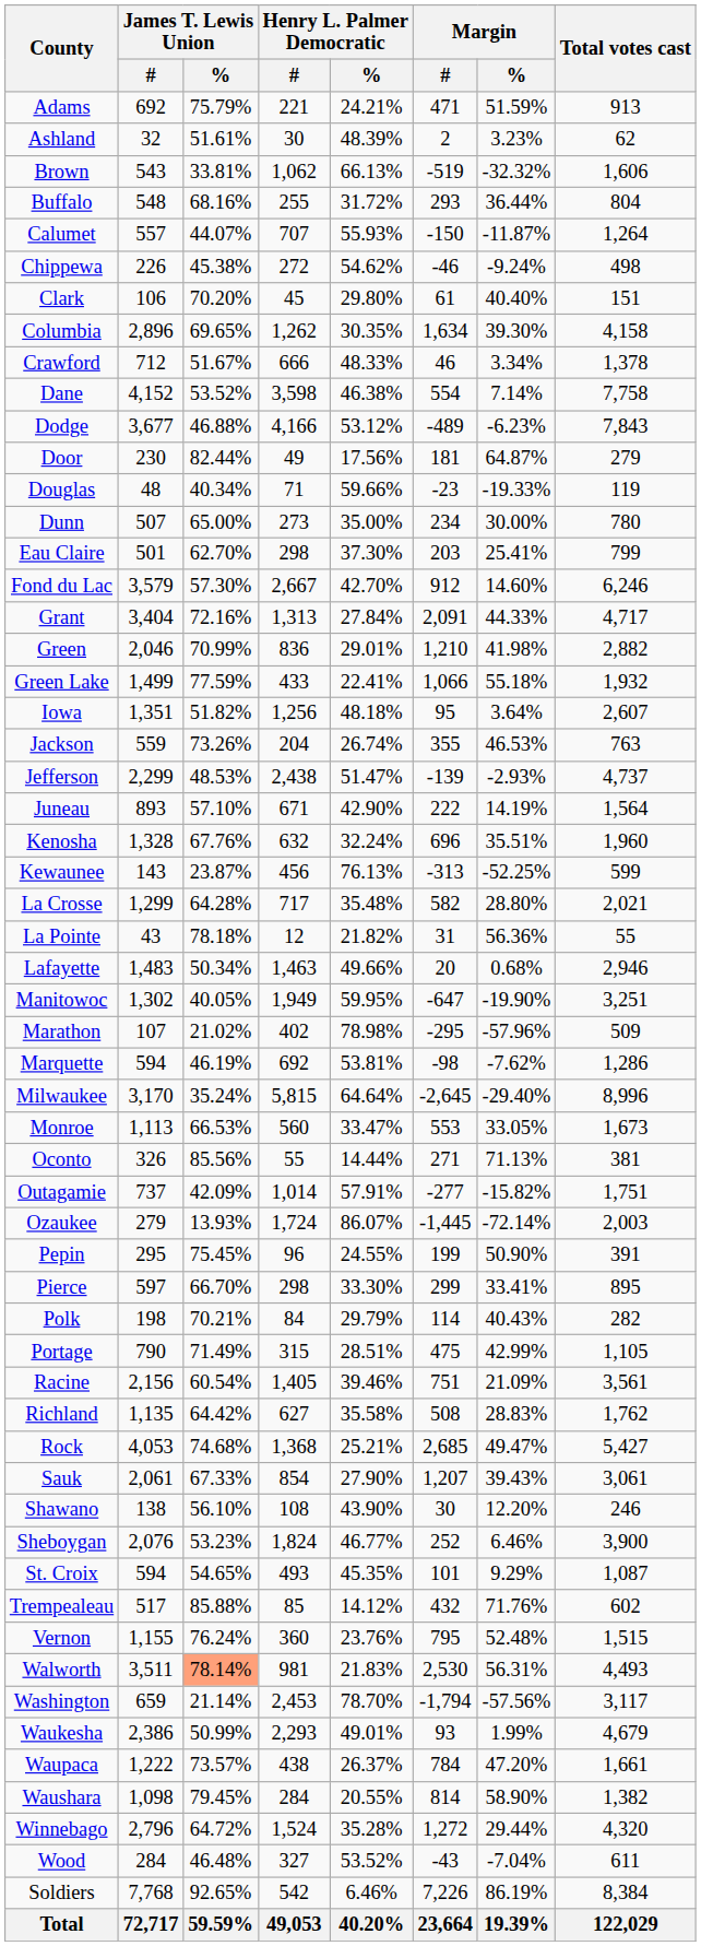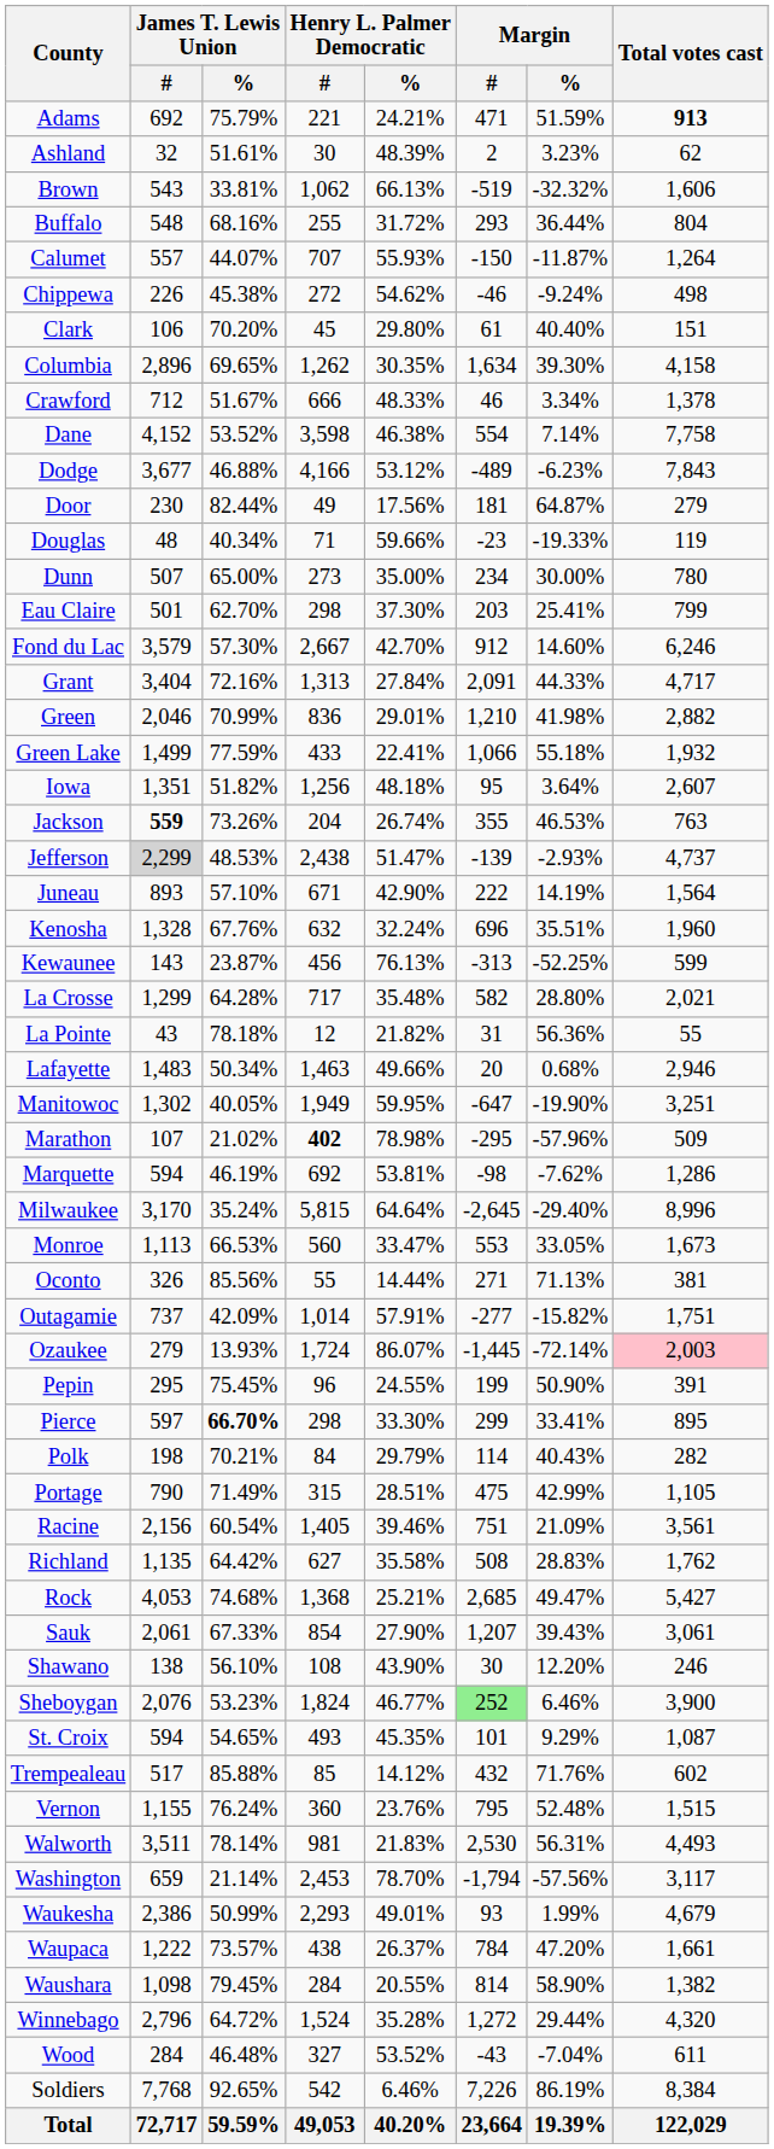 <table class="wikitable sortable" style="text-align:center">
 <tr>
 <th rowspan="2" style="text-align:center;">County</th>
 <th colspan="2" style="text-align:center;">James T. Lewis<br>Union</th>
 <th colspan="2" style="text-align:center;">Henry L. Palmer<br>Democratic</th>
 <th colspan="2" style="text-align:center;">Margin</th>
 <th rowspan="2" style="text-align:center;">Total votes cast</th>
 </tr>
 <tr>
 <th style="text-align:center;" data-sort-type="number">#</th>
 <th style="text-align:center;" data-sort-type="number">%</th>
 <th style="text-align:center;" data-sort-type="number">#</th>
 <th style="text-align:center;" data-sort-type="number">%</th>
 <th style="text-align:center;" data-sort-type="number">#</th>
 <th style="text-align:center;" data-sort-type="number">%</th>
 </tr>
 <tr style="text-align:center;">
 <td><a href='#'>Adams</a></td>
 <td>692</td>
 <td>75.79%</td>
 <td>221</td>
 <td>24.21%</td>
 <td>471</td>
 <td>51.59%</td>
-<td>913</td>
+<td><strong>913</strong></td>
 </tr>
 <tr style="text-align:center;">
 <td><a href='#'>Ashland</a></td>
 <td>32</td>
 <td>51.61%</td>
 <td>30</td>
 <td>48.39%</td>
 <td>2</td>
 <td>3.23%</td>
 <td>62</td>
 </tr>
 <tr style="text-align:center;">
 <td><a href='#'>Brown</a></td>
 <td>543</td>
 <td>33.81%</td>
 <td>1,062</td>
 <td>66.13%</td>
 <td>-519</td>
 <td>-32.32%</td>
 <td>1,606</td>
 </tr>
 <tr style="text-align:center;">
 <td><a href='#'>Buffalo</a></td>
 <td>548</td>
 <td>68.16%</td>
 <td>255</td>
 <td>31.72%</td>
 <td>293</td>
 <td>36.44%</td>
 <td>804</td>
 </tr>
 <tr style="text-align:center;">
 <td><a href='#'>Calumet</a></td>
 <td>557</td>
 <td>44.07%</td>
 <td>707</td>
 <td>55.93%</td>
 <td>-150</td>
 <td>-11.87%</td>
 <td>1,264</td>
 </tr>
 <tr style="text-align:center;">
 <td><a href='#'>Chippewa</a></td>
 <td>226</td>
 <td>45.38%</td>
 <td>272</td>
 <td>54.62%</td>
 <td>-46</td>
 <td>-9.24%</td>
 <td>498</td>
 </tr>
 <tr style="text-align:center;">
 <td><a href='#'>Clark</a></td>
 <td>106</td>
 <td>70.20%</td>
 <td>45</td>
 <td>29.80%</td>
 <td>61</td>
 <td>40.40%</td>
 <td>151</td>
 </tr>
 <tr style="text-align:center;">
 <td><a href='#'>Columbia</a></td>
 <td>2,896</td>
 <td>69.65%</td>
 <td>1,262</td>
 <td>30.35%</td>
 <td>1,634</td>
 <td>39.30%</td>
 <td>4,158</td>
 </tr>
 <tr style="text-align:center;">
 <td><a href='#'>Crawford</a></td>
 <td>712</td>
 <td>51.67%</td>
 <td>666</td>
 <td>48.33%</td>
 <td>46</td>
 <td>3.34%</td>
 <td>1,378</td>
 </tr>
 <tr style="text-align:center;">
 <td><a href='#'>Dane</a></td>
 <td>4,152</td>
 <td>53.52%</td>
 <td>3,598</td>
 <td>46.38%</td>
 <td>554</td>
 <td>7.14%</td>
 <td>7,758</td>
 </tr>
 <tr style="text-align:center;">
 <td><a href='#'>Dodge</a></td>
 <td>3,677</td>
 <td>46.88%</td>
 <td>4,166</td>
 <td>53.12%</td>
 <td>-489</td>
 <td>-6.23%</td>
 <td>7,843</td>
 </tr>
 <tr style="text-align:center;">
 <td><a href='#'>Door</a></td>
 <td>230</td>
 <td>82.44%</td>
 <td>49</td>
 <td>17.56%</td>
 <td>181</td>
 <td>64.87%</td>
 <td>279</td>
 </tr>
 <tr style="text-align:center;">
 <td><a href='#'>Douglas</a></td>
 <td>48</td>
 <td>40.34%</td>
 <td>71</td>
 <td>59.66%</td>
 <td>-23</td>
 <td>-19.33%</td>
 <td>119</td>
 </tr>
 <tr style="text-align:center;">
 <td><a href='#'>Dunn</a></td>
 <td>507</td>
 <td>65.00%</td>
 <td>273</td>
 <td>35.00%</td>
 <td>234</td>
 <td>30.00%</td>
 <td>780</td>
 </tr>
 <tr style="text-align:center;">
 <td><a href='#'>Eau Claire</a></td>
 <td>501</td>
 <td>62.70%</td>
 <td>298</td>
 <td>37.30%</td>
 <td>203</td>
 <td>25.41%</td>
 <td>799</td>
 </tr>
 <tr style="text-align:center;">
 <td><a href='#'>Fond du Lac</a></td>
 <td>3,579</td>
 <td>57.30%</td>
 <td>2,667</td>
 <td>42.70%</td>
 <td>912</td>
 <td>14.60%</td>
 <td>6,246</td>
 </tr>
 <tr style="text-align:center;">
 <td><a href='#'>Grant</a></td>
 <td>3,404</td>
 <td>72.16%</td>
 <td>1,313</td>
 <td>27.84%</td>
 <td>2,091</td>
 <td>44.33%</td>
 <td>4,717</td>
 </tr>
 <tr style="text-align:center;">
 <td><a href='#'>Green</a></td>
 <td>2,046</td>
 <td>70.99%</td>
 <td>836</td>
 <td>29.01%</td>
 <td>1,210</td>
 <td>41.98%</td>
 <td>2,882</td>
 </tr>
 <tr style="text-align:center;">
 <td><a href='#'>Green Lake</a></td>
 <td>1,499</td>
 <td>77.59%</td>
 <td>433</td>
 <td>22.41%</td>
 <td>1,066</td>
 <td>55.18%</td>
 <td>1,932</td>
 </tr>
 <tr style="text-align:center;">
 <td><a href='#'>Iowa</a></td>
 <td>1,351</td>
 <td>51.82%</td>
 <td>1,256</td>
 <td>48.18%</td>
 <td>95</td>
 <td>3.64%</td>
 <td>2,607</td>
 </tr>
 <tr style="text-align:center;">
 <td><a href='#'>Jackson</a></td>
-<td>559</td>
+<td><strong>559</strong></td>
 <td>73.26%</td>
 <td>204</td>
 <td>26.74%</td>
 <td>355</td>
 <td>46.53%</td>
 <td>763</td>
 </tr>
 <tr style="text-align:center;">
 <td><a href='#'>Jefferson</a></td>
-<td>2,299</td>
+<td style="background: lightgrey;">2,299</td>
 <td>48.53%</td>
 <td>2,438</td>
 <td>51.47%</td>
 <td>-139</td>
 <td>-2.93%</td>
 <td>4,737</td>
 </tr>
 <tr style="text-align:center;">
 <td><a href='#'>Juneau</a></td>
 <td>893</td>
 <td>57.10%</td>
 <td>671</td>
 <td>42.90%</td>
 <td>222</td>
 <td>14.19%</td>
 <td>1,564</td>
 </tr>
 <tr style="text-align:center;">
 <td><a href='#'>Kenosha</a></td>
 <td>1,328</td>
 <td>67.76%</td>
 <td>632</td>
 <td>32.24%</td>
 <td>696</td>
 <td>35.51%</td>
 <td>1,960</td>
 </tr>
 <tr style="text-align:center;">
 <td><a href='#'>Kewaunee</a></td>
 <td>143</td>
 <td>23.87%</td>
 <td>456</td>
 <td>76.13%</td>
 <td>-313</td>
 <td>-52.25%</td>
 <td>599</td>
 </tr>
 <tr style="text-align:center;">
 <td><a href='#'>La Crosse</a></td>
 <td>1,299</td>
 <td>64.28%</td>
 <td>717</td>
 <td>35.48%</td>
 <td>582</td>
 <td>28.80%</td>
 <td>2,021</td>
 </tr>
 <tr style="text-align:center;">
 <td><a href='#'>La Pointe</a></td>
 <td>43</td>
 <td>78.18%</td>
 <td>12</td>
 <td>21.82%</td>
 <td>31</td>
 <td>56.36%</td>
 <td>55</td>
 </tr>
 <tr style="text-align:center;">
 <td><a href='#'>Lafayette</a></td>
 <td>1,483</td>
 <td>50.34%</td>
 <td>1,463</td>
 <td>49.66%</td>
 <td>20</td>
 <td>0.68%</td>
 <td>2,946</td>
 </tr>
 <tr style="text-align:center;">
 <td><a href='#'>Manitowoc</a></td>
 <td>1,302</td>
 <td>40.05%</td>
 <td>1,949</td>
 <td>59.95%</td>
 <td>-647</td>
 <td>-19.90%</td>
 <td>3,251</td>
 </tr>
 <tr style="text-align:center;">
 <td><a href='#'>Marathon</a></td>
 <td>107</td>
 <td>21.02%</td>
-<td>402</td>
+<td><strong>402</strong></td>
 <td>78.98%</td>
 <td>-295</td>
 <td>-57.96%</td>
 <td>509</td>
 </tr>
 <tr style="text-align:center;">
 <td><a href='#'>Marquette</a></td>
 <td>594</td>
 <td>46.19%</td>
 <td>692</td>
 <td>53.81%</td>
 <td>-98</td>
 <td>-7.62%</td>
 <td>1,286</td>
 </tr>
 <tr style="text-align:center;">
 <td><a href='#'>Milwaukee</a></td>
 <td>3,170</td>
 <td>35.24%</td>
 <td>5,815</td>
 <td>64.64%</td>
 <td>-2,645</td>
 <td>-29.40%</td>
 <td>8,996</td>
 </tr>
 <tr style="text-align:center;">
 <td><a href='#'>Monroe</a></td>
 <td>1,113</td>
 <td>66.53%</td>
 <td>560</td>
 <td>33.47%</td>
 <td>553</td>
 <td>33.05%</td>
 <td>1,673</td>
 </tr>
 <tr style="text-align:center;">
 <td><a href='#'>Oconto</a></td>
 <td>326</td>
 <td>85.56%</td>
 <td>55</td>
 <td>14.44%</td>
 <td>271</td>
 <td>71.13%</td>
 <td>381</td>
 </tr>
 <tr style="text-align:center;">
 <td><a href='#'>Outagamie</a></td>
 <td>737</td>
 <td>42.09%</td>
 <td>1,014</td>
 <td>57.91%</td>
 <td>-277</td>
 <td>-15.82%</td>
 <td>1,751</td>
 </tr>
 <tr style="text-align:center;">
 <td><a href='#'>Ozaukee</a></td>
 <td>279</td>
 <td>13.93%</td>
 <td>1,724</td>
 <td>86.07%</td>
 <td>-1,445</td>
 <td>-72.14%</td>
-<td>2,003</td>
+<td style="background: pink;">2,003</td>
 </tr>
 <tr style="text-align:center;">
 <td><a href='#'>Pepin</a></td>
 <td>295</td>
 <td>75.45%</td>
 <td>96</td>
 <td>24.55%</td>
 <td>199</td>
 <td>50.90%</td>
 <td>391</td>
 </tr>
 <tr style="text-align:center;">
 <td><a href='#'>Pierce</a></td>
 <td>597</td>
-<td>66.70%</td>
+<td><strong>66.70%</strong></td>
 <td>298</td>
 <td>33.30%</td>
 <td>299</td>
 <td>33.41%</td>
 <td>895</td>
 </tr>
 <tr style="text-align:center;">
 <td><a href='#'>Polk</a></td>
 <td>198</td>
 <td>70.21%</td>
 <td>84</td>
 <td>29.79%</td>
 <td>114</td>
 <td>40.43%</td>
 <td>282</td>
 </tr>
 <tr style="text-align:center;">
 <td><a href='#'>Portage</a></td>
 <td>790</td>
 <td>71.49%</td>
 <td>315</td>
 <td>28.51%</td>
 <td>475</td>
 <td>42.99%</td>
 <td>1,105</td>
 </tr>
 <tr style="text-align:center;">
 <td><a href='#'>Racine</a></td>
 <td>2,156</td>
 <td>60.54%</td>
 <td>1,405</td>
 <td>39.46%</td>
 <td>751</td>
 <td>21.09%</td>
 <td>3,561</td>
 </tr>
 <tr style="text-align:center;">
 <td><a href='#'>Richland</a></td>
 <td>1,135</td>
 <td>64.42%</td>
 <td>627</td>
 <td>35.58%</td>
 <td>508</td>
 <td>28.83%</td>
 <td>1,762</td>
 </tr>
 <tr style="text-align:center;">
 <td><a href='#'>Rock</a></td>
 <td>4,053</td>
 <td>74.68%</td>
 <td>1,368</td>
 <td>25.21%</td>
 <td>2,685</td>
 <td>49.47%</td>
 <td>5,427</td>
 </tr>
 <tr style="text-align:center;">
 <td><a href='#'>Sauk</a></td>
 <td>2,061</td>
 <td>67.33%</td>
 <td>854</td>
 <td>27.90%</td>
 <td>1,207</td>
 <td>39.43%</td>
 <td>3,061</td>
 </tr>
 <tr style="text-align:center;">
 <td><a href='#'>Shawano</a></td>
 <td>138</td>
 <td>56.10%</td>
 <td>108</td>
 <td>43.90%</td>
 <td>30</td>
 <td>12.20%</td>
 <td>246</td>
 </tr>
 <tr style="text-align:center;">
 <td><a href='#'>Sheboygan</a></td>
 <td>2,076</td>
 <td>53.23%</td>
 <td>1,824</td>
 <td>46.77%</td>
-<td>252</td>
+<td style="background: lightgreen;">252</td>
 <td>6.46%</td>
 <td>3,900</td>
 </tr>
 <tr style="text-align:center;">
 <td><a href='#'>St. Croix</a></td>
 <td>594</td>
 <td>54.65%</td>
 <td>493</td>
 <td>45.35%</td>
 <td>101</td>
 <td>9.29%</td>
 <td>1,087</td>
 </tr>
 <tr style="text-align:center;">
 <td><a href='#'>Trempealeau</a></td>
 <td>517</td>
 <td>85.88%</td>
 <td>85</td>
 <td>14.12%</td>
 <td>432</td>
 <td>71.76%</td>
 <td>602</td>
 </tr>
 <tr style="text-align:center;">
 <td><a href='#'>Vernon</a></td>
 <td>1,155</td>
 <td>76.24%</td>
 <td>360</td>
 <td>23.76%</td>
 <td>795</td>
 <td>52.48%</td>
 <td>1,515</td>
 </tr>
 <tr style="text-align:center;">
 <td><a href='#'>Walworth</a></td>
 <td>3,511</td>
-<td style="background: lightsalmon;">78.14%</td>
+<td>78.14%</td>
 <td>981</td>
 <td>21.83%</td>
 <td>2,530</td>
 <td>56.31%</td>
 <td>4,493</td>
 </tr>
 <tr style="text-align:center;">
 <td><a href='#'>Washington</a></td>
 <td>659</td>
 <td>21.14%</td>
 <td>2,453</td>
 <td>78.70%</td>
 <td>-1,794</td>
 <td>-57.56%</td>
 <td>3,117</td>
 </tr>
 <tr style="text-align:center;">
 <td><a href='#'>Waukesha</a></td>
 <td>2,386</td>
 <td>50.99%</td>
 <td>2,293</td>
 <td>49.01%</td>
 <td>93</td>
 <td>1.99%</td>
 <td>4,679</td>
 </tr>
 <tr style="text-align:center;">
 <td><a href='#'>Waupaca</a></td>
 <td>1,222</td>
 <td>73.57%</td>
 <td>438</td>
 <td>26.37%</td>
 <td>784</td>
 <td>47.20%</td>
 <td>1,661</td>
 </tr>
 <tr style="text-align:center;">
 <td><a href='#'>Waushara</a></td>
 <td>1,098</td>
 <td>79.45%</td>
 <td>284</td>
 <td>20.55%</td>
 <td>814</td>
 <td>58.90%</td>
 <td>1,382</td>
 </tr>
 <tr style="text-align:center;">
 <td><a href='#'>Winnebago</a></td>
 <td>2,796</td>
 <td>64.72%</td>
 <td>1,524</td>
 <td>35.28%</td>
 <td>1,272</td>
 <td>29.44%</td>
 <td>4,320</td>
 </tr>
 <tr style="text-align:center;">
 <td><a href='#'>Wood</a></td>
 <td>284</td>
 <td>46.48%</td>
 <td>327</td>
 <td>53.52%</td>
 <td>-43</td>
 <td>-7.04%</td>
 <td>611</td>
 </tr>
 <tr style="text-align:center;">
 <td>Soldiers</td>
 <td>7,768</td>
 <td>92.65%</td>
 <td>542</td>
 <td>6.46%</td>
 <td>7,226</td>
 <td>86.19%</td>
 <td>8,384</td>
 </tr>
 <tr>
 <th>Total</th>
 <th>72,717</th>
 <th>59.59%</th>
 <th>49,053</th>
 <th>40.20%</th>
 <th>23,664</th>
 <th>19.39%</th>
 <th>122,029</th>
 </tr>
 </table>
